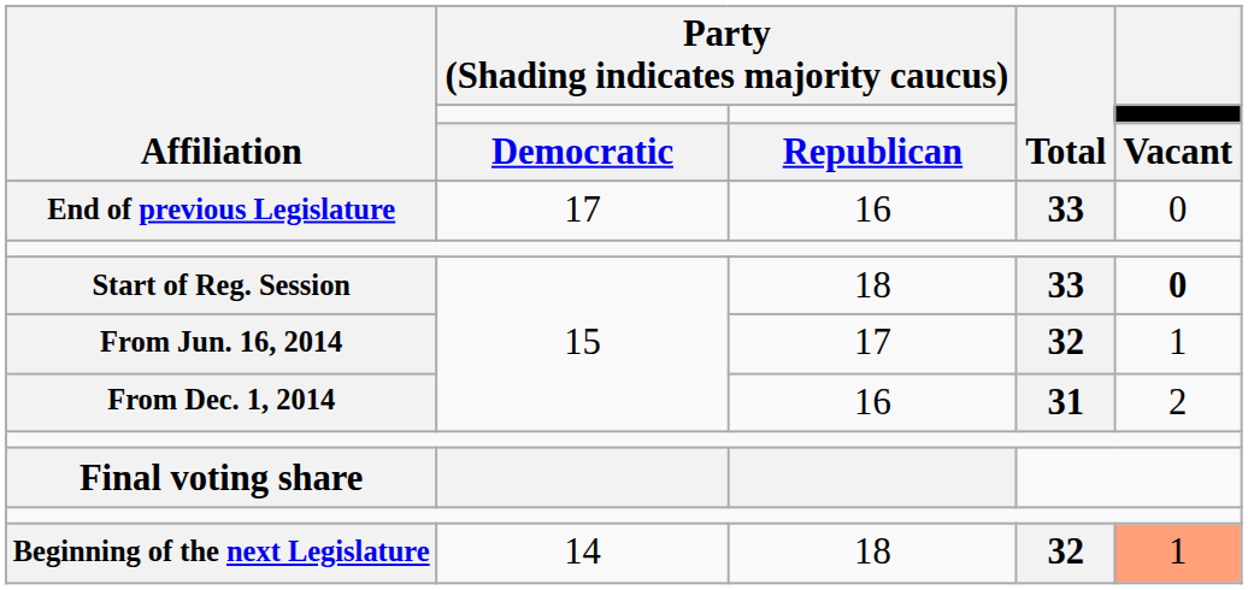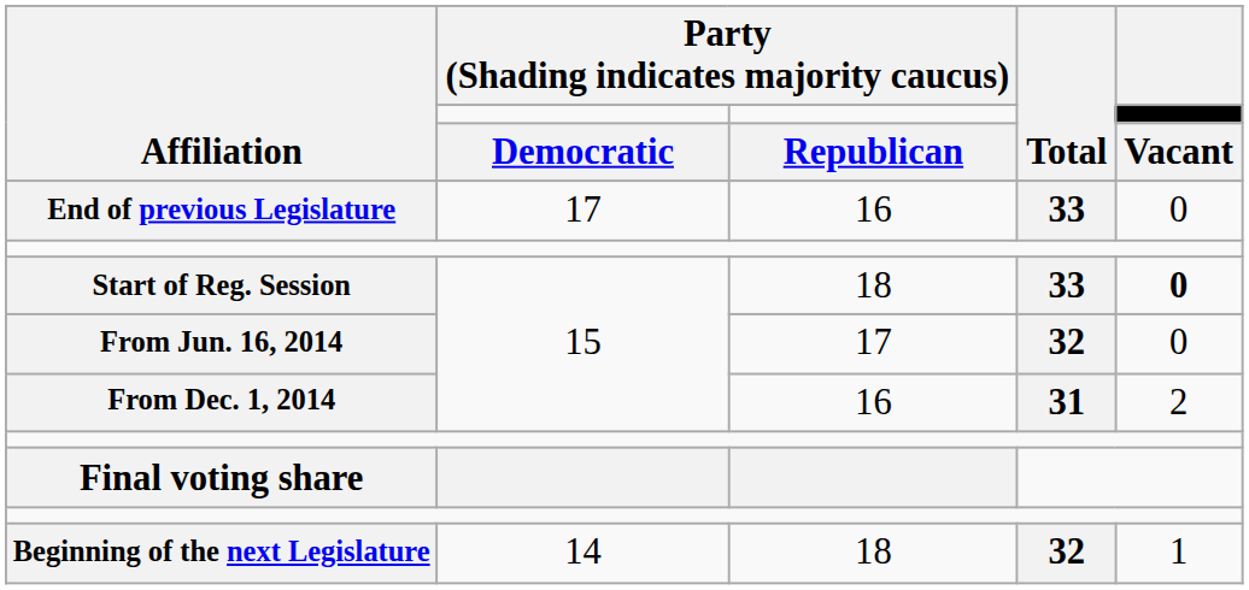 <table class=wikitable style="text-align:center">
 <tr style="vertical-align:bottom;">
 <th rowspan=3>Affiliation</th>
 <th colspan=2>Party <div>(Shading indicates majority caucus)</div></th>
 <th rowspan=3>Total</th>
 <th></th>
 </tr>
 <tr style="height:5px">
 <td style="background-color:"></td>
 <td style="background-color:"></td>
 <td style="background-color:black"></td>
 </tr>
 <tr>
 <th><a href='#'>Democratic</a></th>
 <th><a href='#'>Republican</a></th>
 <th>Vacant</th>
 </tr>
 <tr>
 <th nowrap style="font-size:80%">End of <a href='#'>previous Legislature</a></th>
 <td>17</td>
 <td>16</td>
 <th>33</th>
 <td>0</td>
 </tr>
 <tr>
 <td colspan=5></td>
 </tr>
 <tr>
 <th nowrap style="font-size:80%">Start of Reg. Session</th>
 <td rowspan="3">15</td>
 <td>18</td>
 <th>33</th>
 <td><strong>0</strong></td>
 </tr>
 <tr>
 <th style="font-size:80%;">From Jun. 16, 2014</th>
 <td>17</td>
 <th>32</th>
-<td>1</td>
+<td>0</td>
 </tr>
 <tr>
 <th style="font-size:80%;">From Dec. 1, 2014</th>
 <td>16</td>
 <th>31</th>
 <td>2</td>
 </tr>
 <tr>
 <td colspan=5></td>
 </tr>
 <tr>
 <th>Final voting share</th>
 <th></th>
 <th></th>
 <td colspan=2></td>
 </tr>
 <tr>
 <td colspan=6></td>
 </tr>
 <tr>
 <th style="white-space:nowrap; font-size:80%;">Beginning of the <a href='#'>next Legislature</a></th>
 <td>14</td>
 <td>18</td>
 <th>32</th>
-<td style="background: lightsalmon;">1</td>
+<td>1</td>
 </tr>
 </table>
